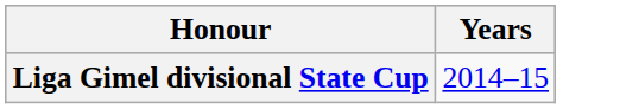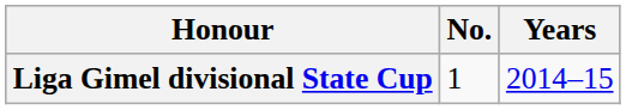 <table class="wikitable plainrowheaders">
 <tr>
 <th scope=col>Honour</th>
+<th scope=col>No.</th>
 <th scope=col>Years</th>
 </tr>
 <tr>
 <th scope=row>Liga Gimel divisional <a href='#'>State Cup</a></th>
+<td>1</td>
 <td><a href='#'>2014–15</a></td>
 </tr>
 </table>
